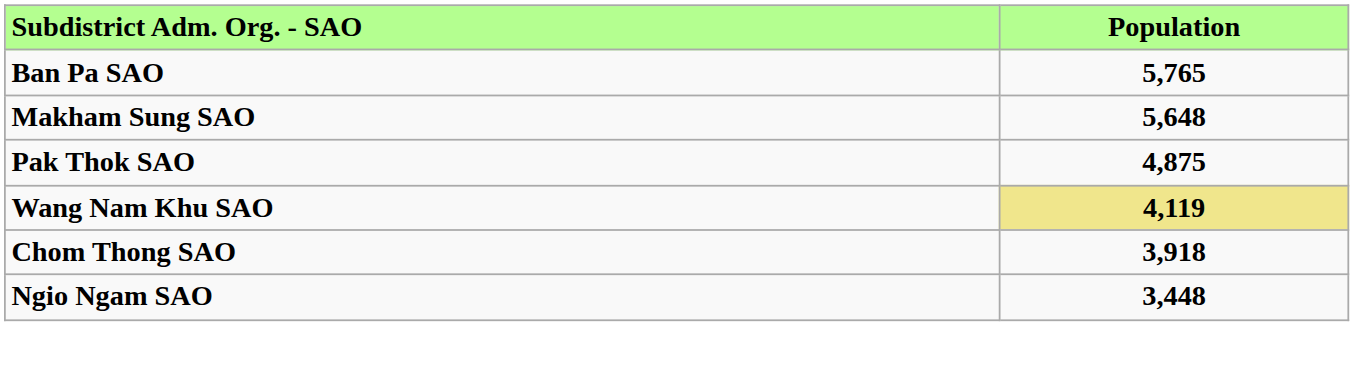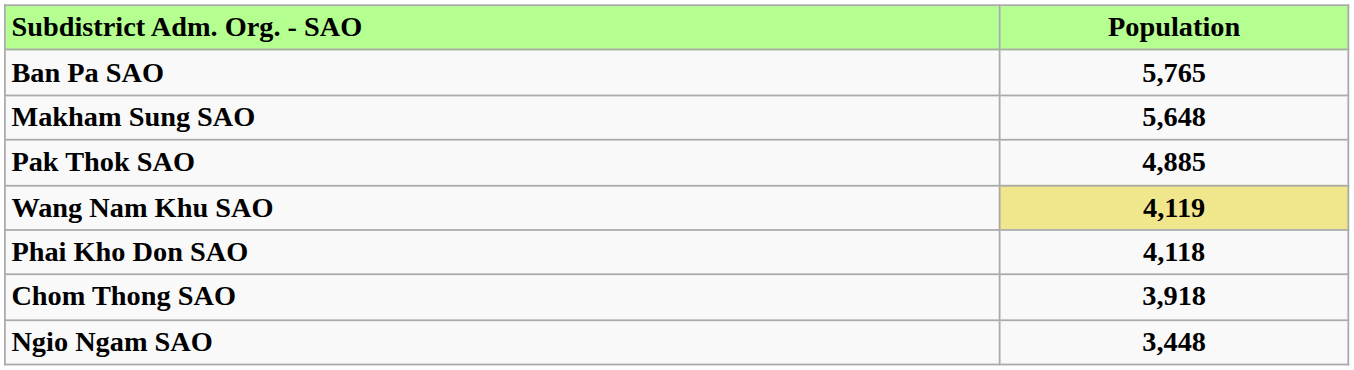 <table class="wikitable" style="width:48%; display:inline-table;">
 <tr>
 <th scope="col" style= "width:74%; background: #b4ff90; text-align:left;"><strong>Subdistrict Adm. Org. - SAO</strong></th>
 <th scope="col" style= "width:26%; background: #b4ff90; text-align:center;"><strong>Population</strong></th>
 </tr>
 <tr>
 <td><strong>Ban Pa SAO</strong></td>
 <td style="text-align:center;"><strong>5,765</strong></td>
 </tr>
 <tr>
 <td><strong>Makham Sung SAO</strong></td>
 <td style="text-align:center;"><strong>5,648</strong></td>
 </tr>
 <tr>
 <td><strong>Pak Thok SAO</strong></td>
-<td style="text-align:center;"><strong>4,875</strong></td>
+<td style="text-align:center;"><strong>4,885</strong></td>
 </tr>
 <tr>
 <td><strong>Wang Nam Khu SAO</strong></td>
 <td style="background: khaki; text-align:center;"><strong>4,119</strong></td>
+</tr>
+<tr>
+<td><strong>Phai Kho Don SAO</strong></td>
+<td style="text-align:center;"><strong>4,118</strong></td>
 </tr>
 <tr>
 <td><strong>Chom Thong SAO</strong></td>
 <td style="text-align:center;"><strong>3,918</strong></td>
 </tr>
 <tr>
 <td><strong>Ngio Ngam SAO</strong></td>
 <td style="text-align:center;"><strong>3,448</strong></td>
 </tr>
 </table>
